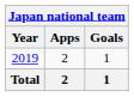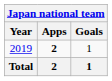 <table class="wikitable" style="text-align:center">
 <tr>
 <th colspan="3"><a href='#'>Japan national team</a></th>
 </tr>
 <tr>
 <th>Year</th>
 <th>Apps</th>
 <th>Goals</th>
 </tr>
 <tr>
 <td><a href='#'>2019</a></td>
-<td>2</td>
+<td><strong>2</strong></td>
 <td>1</td>
 </tr>
 <tr>
 <th>Total</th>
 <th>2</th>
 <th>1</th>
 </tr>
 </table>
